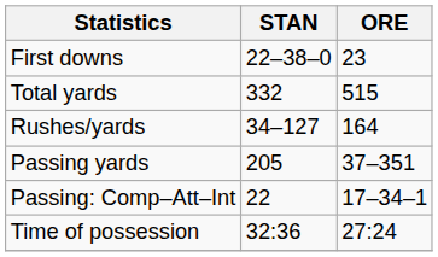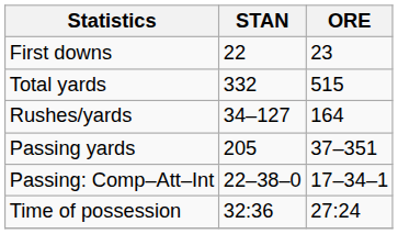 <table class="wikitable" style="float: left;">
 <tr>
 <th>Statistics</th>
 <th>STAN</th>
 <th>ORE</th>
 </tr>
 <tr>
 <td>First downs</td>
-<td>22–38–0</td>
+<td>22</td>
 <td>23</td>
 </tr>
 <tr>
 <td>Total yards</td>
 <td>332</td>
 <td>515</td>
 </tr>
 <tr>
 <td>Rushes/yards</td>
 <td>34–127</td>
 <td>164</td>
 </tr>
 <tr>
 <td>Passing yards</td>
 <td>205</td>
 <td>37–351</td>
 </tr>
 <tr>
 <td>Passing: Comp–Att–Int</td>
-<td>22</td>
+<td>22–38–0</td>
 <td>17–34–1</td>
 </tr>
 <tr>
 <td>Time of possession</td>
 <td>32:36</td>
 <td>27:24</td>
 </tr>
 <tr>
 </tr>
 </table>
